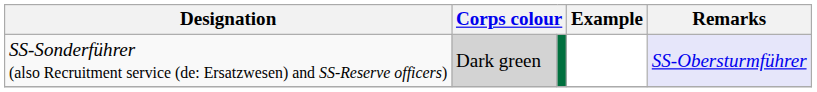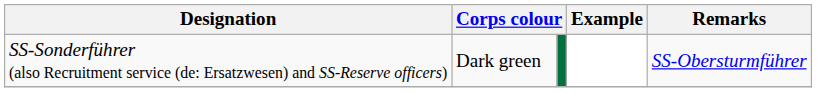 <table class="wikitable">
 <tr>
 <th>Designation</th>
 <th colspan="2"><a href='#'>Corps colour</a></th>
 <th>Example</th>
 <th>Remarks</th>
 </tr>
 <tr 16>
 <td><em>SS-Sonderführer</em><br><small>(also Recruitment service (de: Ersatzwesen) and <em>SS-Reserve officers</em>)</small></td>
-<td style="background: lightgrey;">Dark green</td>
+<td>Dark green</td>
 <td align = "center" style = "background:#00703E; color:white"></td>
 <td align = "center" style = "background:white"></td>
-<td style="background: lavender;"><em><a href='#'>SS-Obersturmführer</a></em></td>
+<td><em><a href='#'>SS-Obersturmführer</a></em></td>
 </tr>
 <tr>
 </tr>
 </table>
